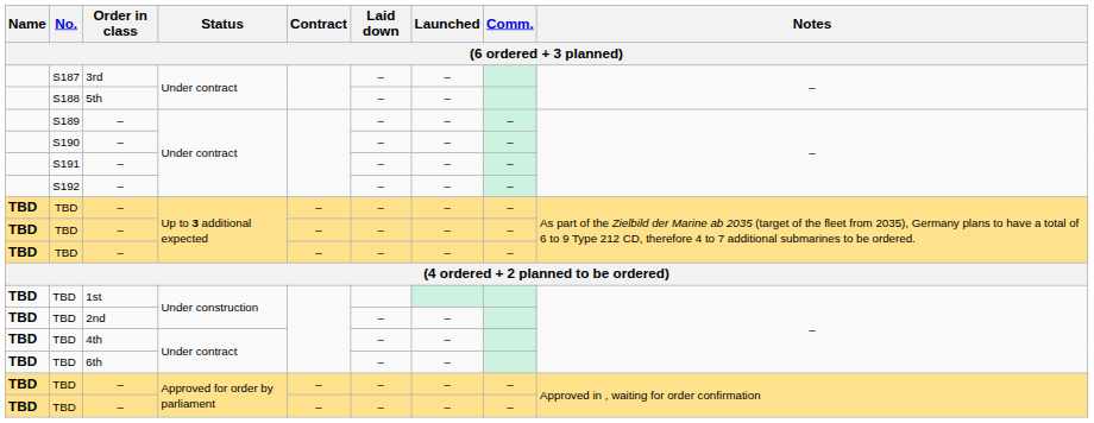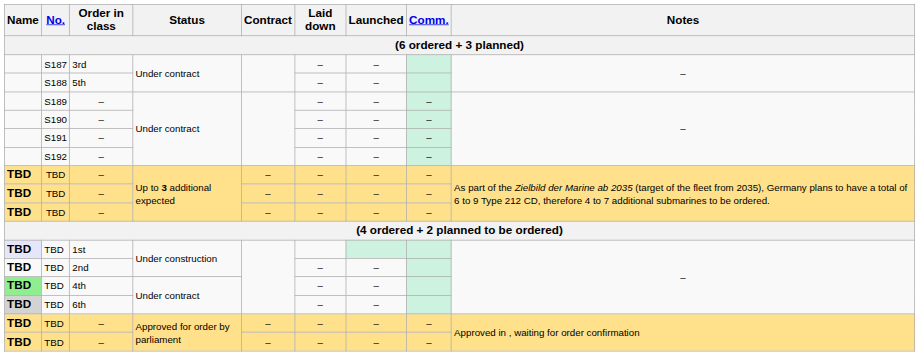 <table class="sortable wikitable" border="1">
 <tr>
 <th>Name</th>
 <th><a href='#'>No.</a></th>
 <th>Order in class</th>
 <th>Status</th>
 <th>Contract</th>
 <th>Laid down</th>
 <th>Launched</th>
 <th><a href='#'>Comm.</a></th>
 <th>Notes</th>
 </tr>
 <tr>
 <th colspan="9"> (6 ordered + 3 planned)</th>
 </tr>
 <tr>
 <td><strong></strong></td>
 <td><small>S187</small></td>
 <td><small>3rd</small></td>
 <td rowspan="2"><small>Under contract</small></td>
 <td rowspan="2"><small></small></td>
 <td style="text-align: center"><small>–</small></td>
 <td style="text-align: center"><small>–</small></td>
 <td style="background: #CEF2E0"><small> </small></td>
 <td rowspan="2" style="text-align: center"><small>–</small></td>
 </tr>
 <tr>
 <td><strong></strong></td>
 <td><small>S188</small></td>
 <td><small>5th</small></td>
 <td style="text-align: center"><small>–</small></td>
 <td style="text-align: center"><small>–</small></td>
 <td style="background: #CEF2E0"><small> </small></td>
 </tr>
 <tr>
 <td><strong></strong></td>
 <td><small>S189</small></td>
 <td style="text-align: center"><small>–</small></td>
 <td rowspan="4"><small>Under contract</small></td>
 <td rowspan="4"><small></small></td>
 <td style="text-align: center"><small>–</small></td>
 <td style="text-align: center"><small>–</small></td>
 <td style="background: #CEF2E0;text-align: center"><small>–</small></td>
 <td rowspan="4" style="text-align: center"><small>–</small></td>
 </tr>
 <tr>
 <td><strong></strong></td>
 <td><small>S190</small></td>
 <td style="text-align: center"><small>–</small></td>
 <td style="text-align: center"><small>–</small></td>
 <td style="text-align: center"><small>–</small></td>
 <td style="background: #CEF2E0;text-align: center"><small>–</small></td>
 </tr>
 <tr>
 <td><strong></strong></td>
 <td><small>S191</small></td>
 <td style="text-align: center"><small>–</small></td>
 <td style="text-align: center"><small>–</small></td>
 <td style="text-align: center"><small>–</small></td>
 <td style="background: #CEF2E0;text-align: center"><small>–</small></td>
 </tr>
 <tr>
 <td><strong></strong></td>
 <td><small>S192</small></td>
 <td style="text-align: center"><small>–</small></td>
 <td style="text-align: center"><small>–</small></td>
 <td style="text-align: center"><small>–</small></td>
 <td style="background: #CEF2E0;text-align: center"><small>–</small></td>
 </tr>
 <tr>
 <td style="background: #FFE18B"><strong>TBD</strong></td>
 <td style="background: #FFE18B;text-align: center"><small>TBD</small></td>
 <td style="background: #FFE18B;text-align: center"><small>–</small></td>
 <td rowspan="3" style="background: #FFE18B"><small>Up to <strong>3</strong> additional expected </small></td>
 <td style="background: #FFE18B;text-align: center"><small>–</small></td>
 <td style="background: #FFE18B;text-align: center"><small>–</small></td>
 <td style="background: #FFE18B;text-align: center"><small>–</small></td>
 <td style="background: #FFE18B;text-align: center"><small>–</small></td>
 <td rowspan="3"style="background: #FFE18B"><small>As part of the <em>Zielbild der Marine ab 2035</em> (target of the fleet from 2035), Germany plans to have a total of 6 to 9 Type 212 CD, therefore 4 to 7 additional submarines to be ordered.</small></td>
 </tr>
 <tr>
 <td style="background: #FFE18B"><strong>TBD</strong></td>
 <td style="background: #FFE18B;text-align: center"><small>TBD</small></td>
 <td style="background: #FFE18B;text-align: center"><small>–</small></td>
 <td style="background: #FFE18B;text-align: center"><small>–</small></td>
 <td style="background: #FFE18B;text-align: center"><small>–</small></td>
 <td style="background: #FFE18B;text-align: center"><small>–</small></td>
 <td style="background: #FFE18B;text-align: center"><small>–</small></td>
 </tr>
 <tr>
 <td style="background: #FFE18B"><strong>TBD</strong></td>
 <td style="background: #FFE18B;text-align: center"><small>TBD</small></td>
 <td style="background: #FFE18B;text-align: center"><small>–</small></td>
 <td style="background: #FFE18B;text-align: center"><small>–</small></td>
 <td style="background: #FFE18B;text-align: center"><small>–</small></td>
 <td style="background: #FFE18B;text-align: center"><small>–</small></td>
 <td style="background: #FFE18B;text-align: center"><small>–</small></td>
 </tr>
 <tr>
 <th colspan="9"> (4 ordered + 2 planned to be ordered)</th>
 </tr>
 <tr>
-<td><strong>TBD</strong></td>
+<td style="background: lavender;"><strong>TBD</strong></td>
 <td><small>TBD</small></td>
 <td><small>1st</small></td>
 <td rowspan="2"><small>Under construction</small> <small></small></td>
 <td rowspan="4"><small></small></td>
 <td><small> </small></td>
 <td style="background: #CEF2E0"><small> </small></td>
 <td style="background: #CEF2E0"><small> </small></td>
 <td rowspan="4" style="text-align: center"><small>–</small></td>
 </tr>
 <tr>
 <td><strong>TBD</strong></td>
 <td><small>TBD</small></td>
 <td><small>2nd</small></td>
 <td style="text-align: center"><small>–</small></td>
 <td style="text-align: center"><small>–</small></td>
 <td style="background: #CEF2E0"><small></small></td>
 </tr>
 <tr>
-<td><strong>TBD</strong></td>
+<td style="background: lightgreen;"><strong>TBD</strong></td>
 <td><small>TBD</small></td>
 <td><small>4th</small></td>
 <td rowspan="2"><small>Under contract </small></td>
 <td style="text-align: center"><small>–</small></td>
 <td style="text-align: center"><small>–</small></td>
 <td style="background: #CEF2E0"><small></small></td>
 </tr>
 <tr>
-<td><strong>TBD</strong></td>
+<td style="background: lightgrey;"><strong>TBD</strong></td>
 <td><small>TBD</small></td>
 <td><small>6th</small></td>
 <td style="text-align: center"><small>–</small></td>
 <td style="text-align: center"><small>–</small></td>
 <td style="background: #CEF2E0"><small> </small></td>
 </tr>
 <tr>
 <td style="background: #FFE18B"><strong>TBD</strong></td>
 <td style="background: #FFE18B"><small>TBD</small></td>
 <td style="background: #FFE18B;text-align: center"><small>–</small></td>
 <td rowspan="2" style="background: #FFE18B"><small>Approved for order by parliament </small></td>
 <td style="background: #FFE18B;text-align: center"><small>–</small></td>
 <td style="background: #FFE18B;text-align: center"><small>–</small></td>
 <td style="background: #FFE18B;text-align: center"><small>–</small></td>
 <td style="background: #FFE18B;text-align: center"><small>–</small></td>
 <td rowspan="2" style="background: #FFE18B;"><small>Approved in , waiting for order confirmation </small></td>
 </tr>
 <tr>
 <td style="background: #FFE18B"><strong>TBD</strong></td>
 <td style="background: #FFE18B;"><small>TBD</small></td>
 <td style="background: #FFE18B;text-align: center"><small>–</small></td>
 <td style="background: #FFE18B;text-align: center"><small>–</small></td>
 <td style="background: #FFE18B;text-align: center"><small>–</small></td>
 <td style="background: #FFE18B;text-align: center"><small>–</small></td>
 <td style="background: #FFE18B;text-align: center"><small>–</small></td>
 </tr>
 </table>
